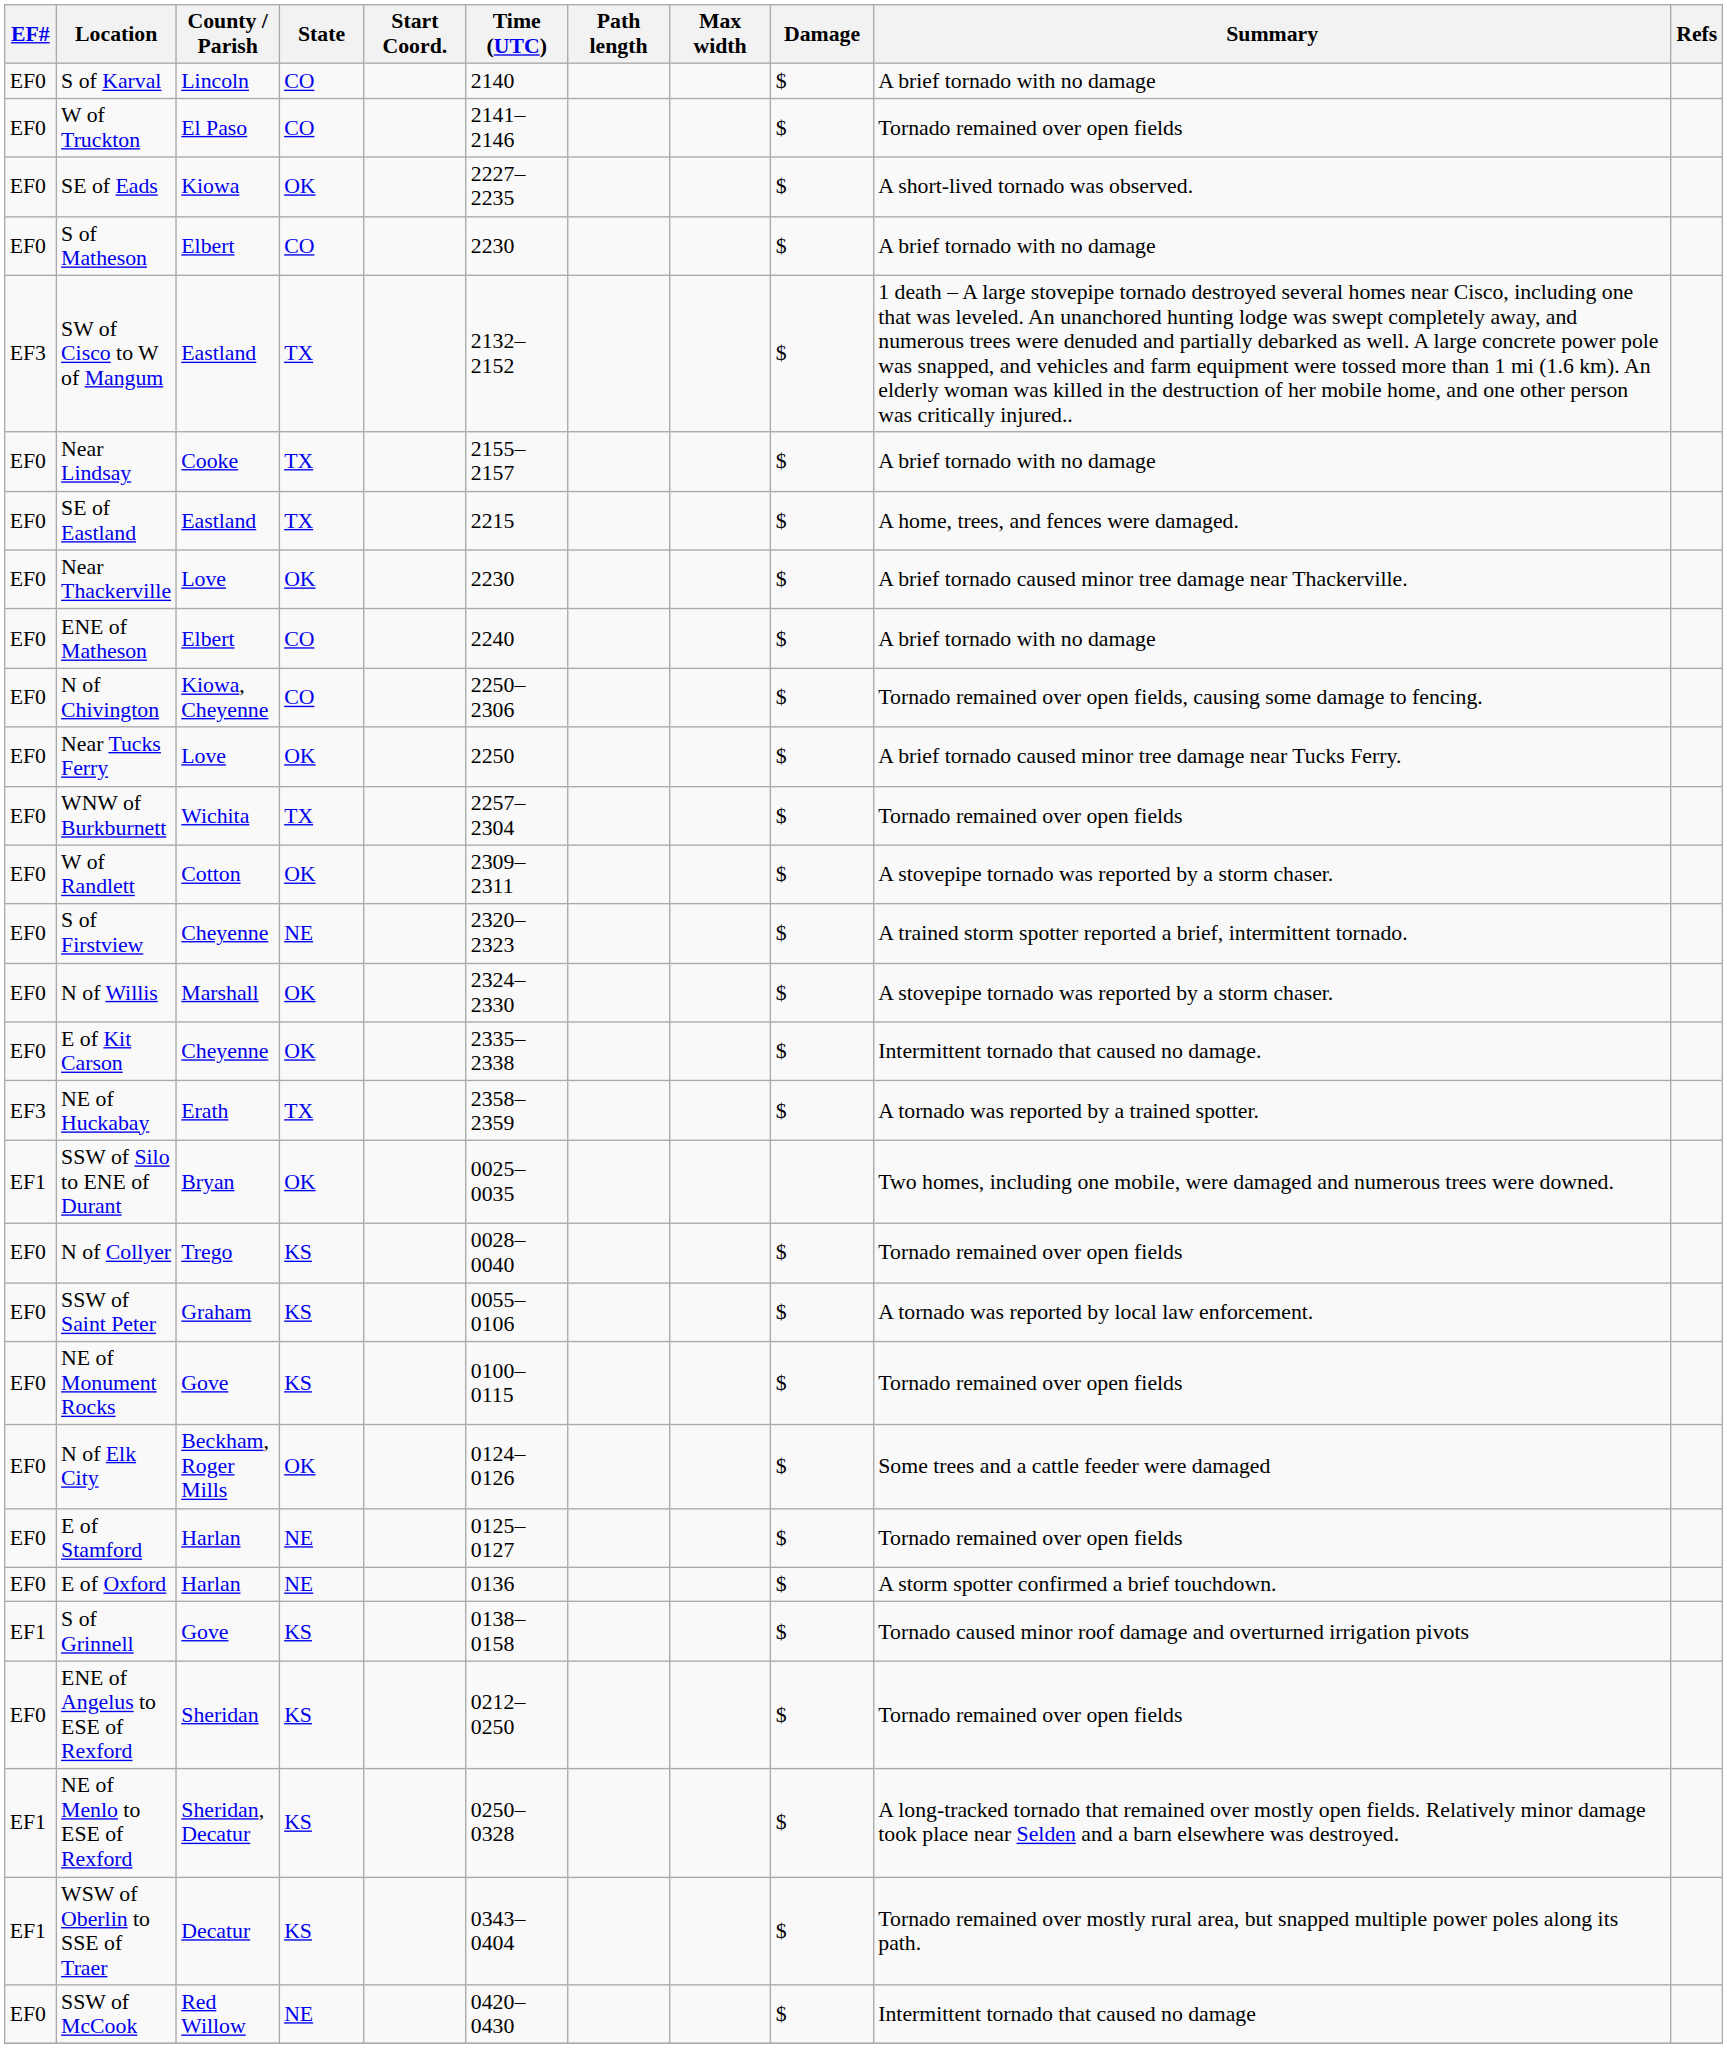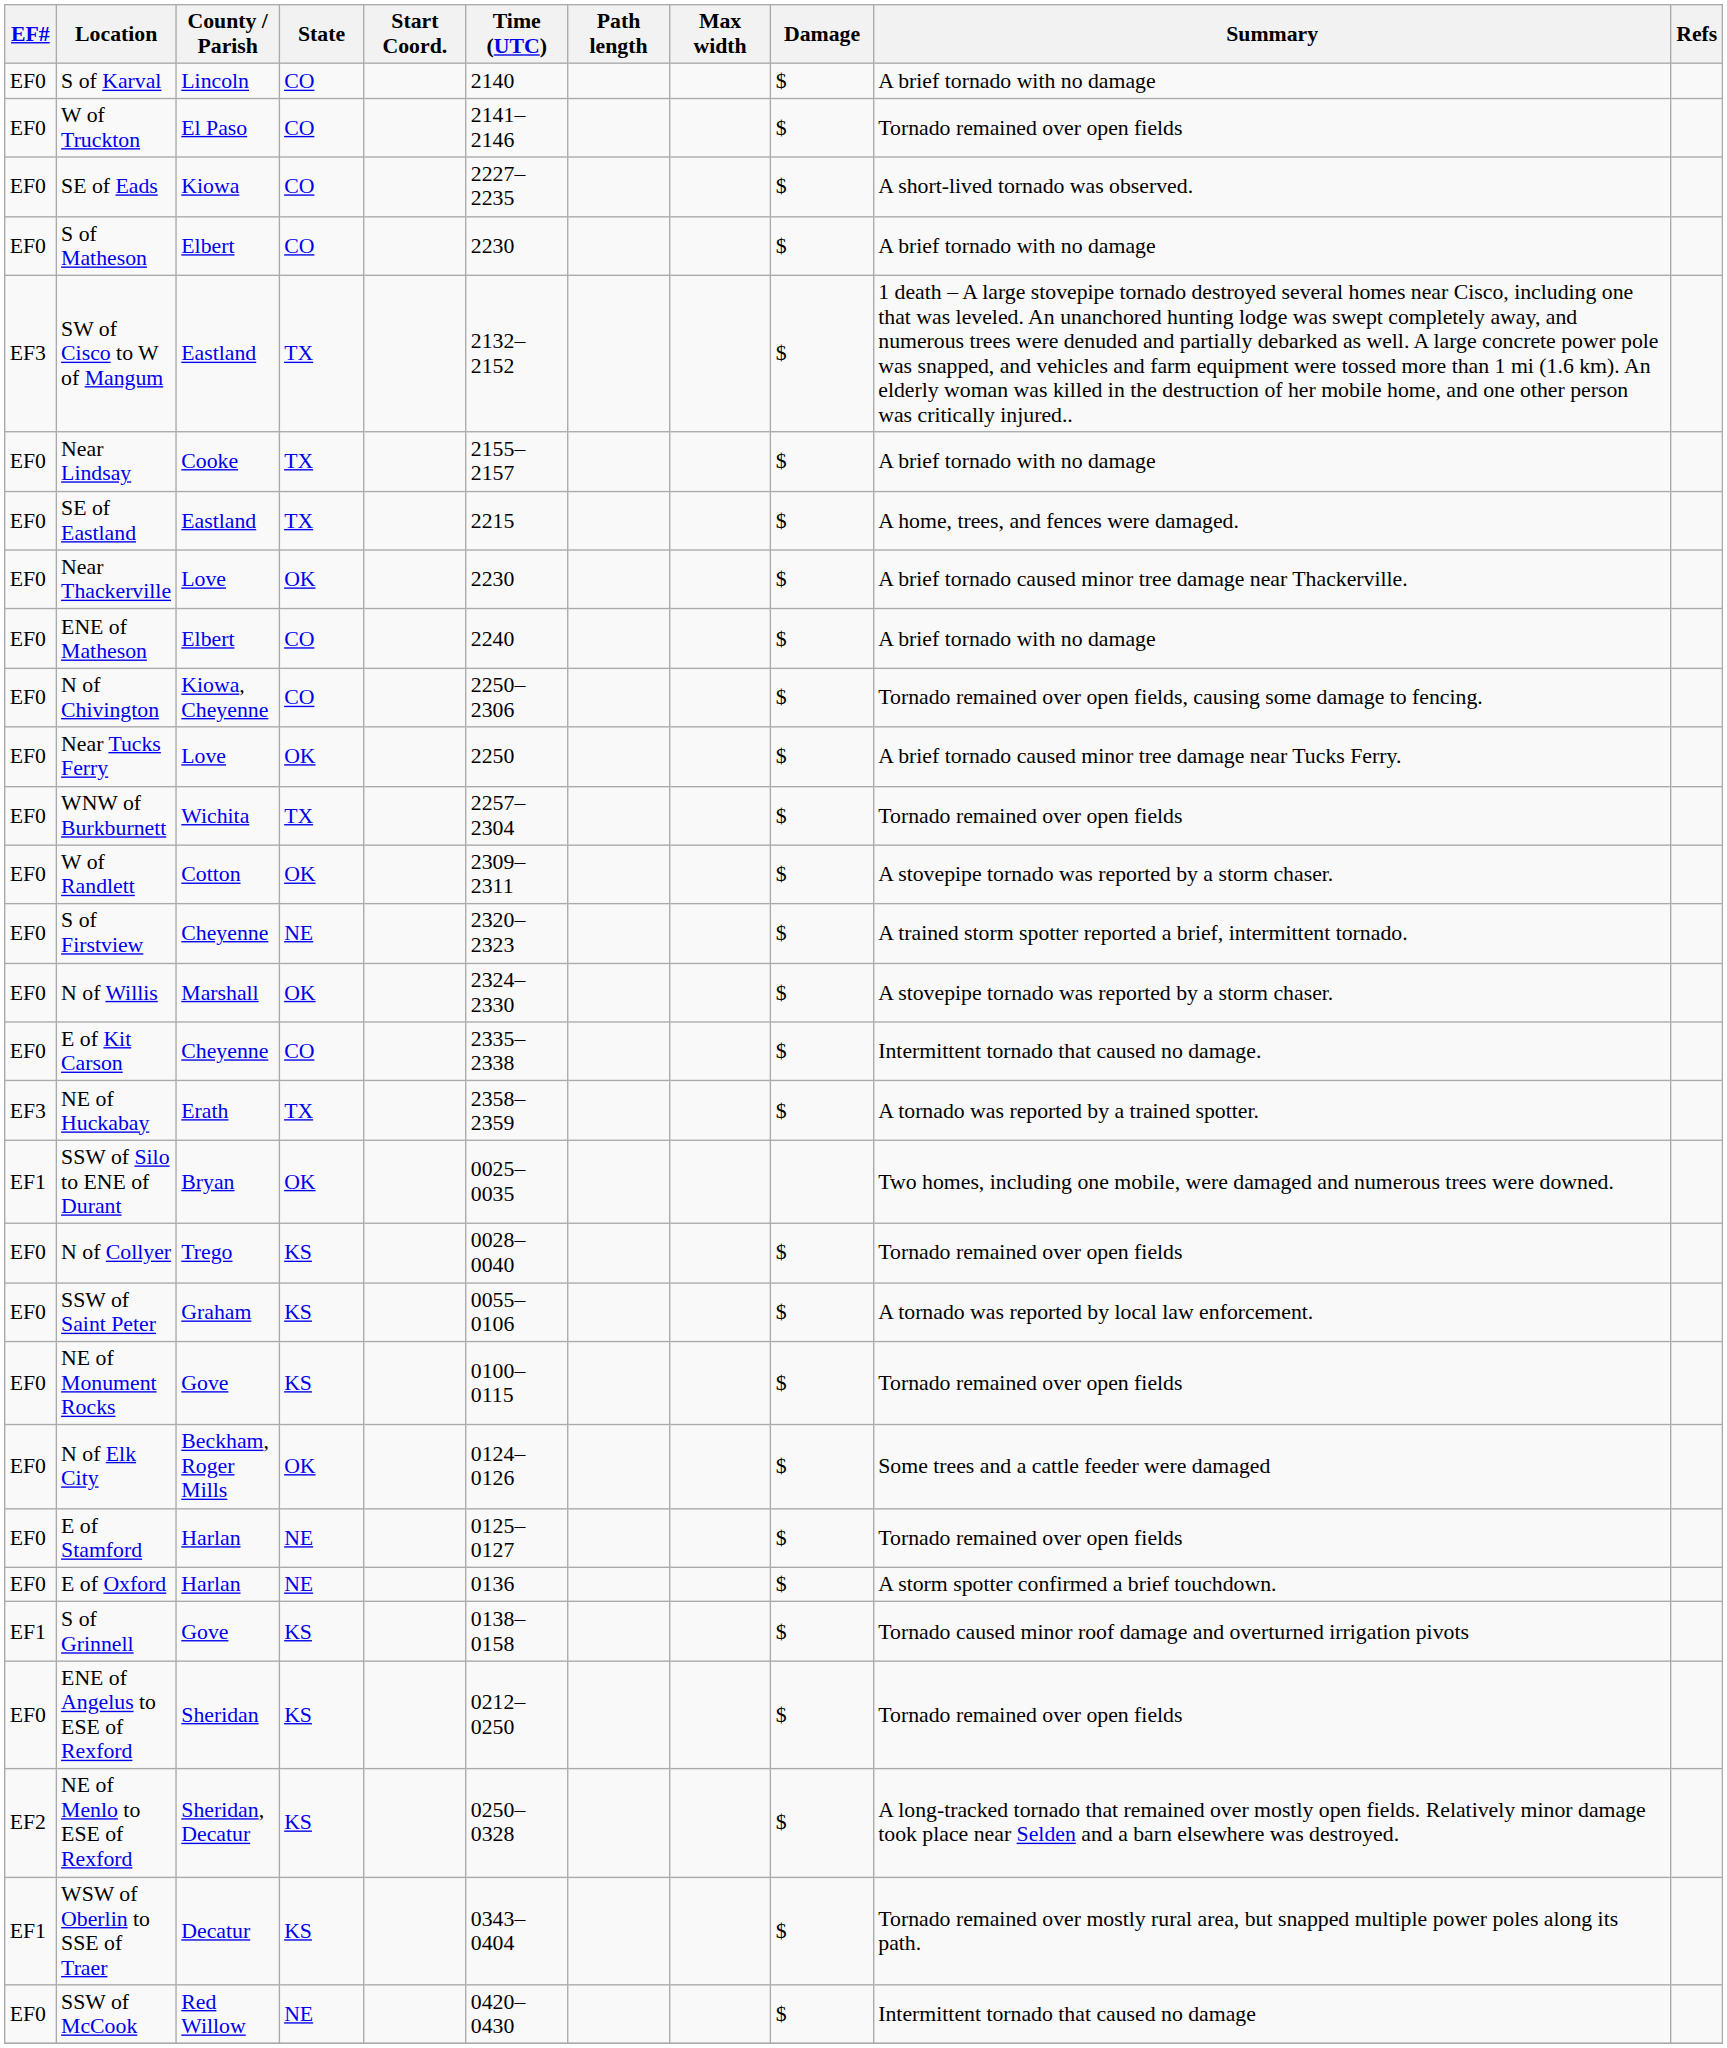 <table class="wikitable sortable" style="width:100%;">
 <tr>
 <th scope="col" width="3%" align="center"><a href='#'>EF#</a></th>
 <th scope="col" width="7%" align="center" class="unsortable">Location</th>
 <th scope="col" width="6%" align="center" class="unsortable">County / Parish</th>
 <th scope="col" width="5%" align="center">State</th>
 <th scope="col" width="6%" align="center">Start Coord.</th>
 <th scope="col" width="6%" align="center">Time (<a href='#'>UTC</a>)</th>
 <th scope="col" width="6%" align="center">Path length</th>
 <th scope="col" width="6%" align="center">Max width</th>
 <th scope="col" width="6%" align="center">Damage</th>
 <th scope="col" width="48%" class="unsortable" align="center">Summary</th>
 <th scope="col" width="48%" class="unsortable" align="center">Refs</th>
 </tr>
 <tr>
 <td>EF0</td>
 <td>S of <a href='#'>Karval</a></td>
 <td><a href='#'>Lincoln</a></td>
 <td><a href='#'>CO</a></td>
 <td></td>
 <td>2140</td>
 <td></td>
 <td></td>
 <td>$</td>
 <td>A brief tornado with no damage</td>
 <td></td>
 </tr>
 <tr>
 <td>EF0</td>
 <td>W of <a href='#'>Truckton</a></td>
 <td><a href='#'>El Paso</a></td>
 <td><a href='#'>CO</a></td>
 <td></td>
 <td>2141–2146</td>
 <td></td>
 <td></td>
 <td>$</td>
 <td>Tornado remained over open fields</td>
 <td></td>
 </tr>
 <tr>
 <td>EF0</td>
 <td>SE of <a href='#'>Eads</a></td>
 <td><a href='#'>Kiowa</a></td>
-<td><a href='#'>OK</a></td>
+<td><a href='#'>CO</a></td>
 <td></td>
 <td>2227–2235</td>
 <td></td>
 <td></td>
 <td>$</td>
 <td>A short-lived tornado was observed.</td>
 <td></td>
 </tr>
 <tr>
 <td>EF0</td>
 <td>S of <a href='#'>Matheson</a></td>
 <td><a href='#'>Elbert</a></td>
 <td><a href='#'>CO</a></td>
 <td></td>
 <td>2230</td>
 <td></td>
 <td></td>
 <td>$</td>
 <td>A brief tornado with no damage</td>
 <td></td>
 </tr>
 <tr>
 <td>EF3</td>
 <td>SW of <a href='#'>Cisco</a> to W of <a href='#'>Mangum</a></td>
 <td><a href='#'>Eastland</a></td>
 <td><a href='#'>TX</a></td>
 <td></td>
 <td>2132–2152</td>
 <td></td>
 <td></td>
 <td>$</td>
 <td>1 death – A large stovepipe tornado destroyed several homes near Cisco, including one that was leveled. An unanchored hunting lodge was swept completely away, and numerous trees were denuded and partially debarked as well. A large concrete power pole was snapped, and vehicles and farm equipment were tossed more than 1 mi (1.6 km). An elderly woman was killed in the destruction of her mobile home, and one other person was critically injured..</td>
 <td></td>
 </tr>
 <tr>
 <td>EF0</td>
 <td>Near <a href='#'>Lindsay</a></td>
 <td><a href='#'>Cooke</a></td>
 <td><a href='#'>TX</a></td>
 <td></td>
 <td>2155–2157</td>
 <td></td>
 <td></td>
 <td>$</td>
 <td>A brief tornado with no damage</td>
 <td></td>
 </tr>
 <tr>
 <td>EF0</td>
 <td>SE of <a href='#'>Eastland</a></td>
 <td><a href='#'>Eastland</a></td>
 <td><a href='#'>TX</a></td>
 <td></td>
 <td>2215</td>
 <td></td>
 <td></td>
 <td>$</td>
 <td>A home, trees, and fences were damaged.</td>
 <td></td>
 </tr>
 <tr>
 <td>EF0</td>
 <td>Near <a href='#'>Thackerville</a></td>
 <td><a href='#'>Love</a></td>
 <td><a href='#'>OK</a></td>
 <td></td>
 <td>2230</td>
 <td></td>
 <td></td>
 <td>$</td>
 <td>A brief tornado caused minor tree damage near Thackerville.</td>
 <td></td>
 </tr>
 <tr>
 <td>EF0</td>
 <td>ENE of <a href='#'>Matheson</a></td>
 <td><a href='#'>Elbert</a></td>
 <td><a href='#'>CO</a></td>
 <td></td>
 <td>2240</td>
 <td></td>
 <td></td>
 <td>$</td>
 <td>A brief tornado with no damage</td>
 <td></td>
 </tr>
 <tr>
 <td>EF0</td>
 <td>N of <a href='#'>Chivington</a></td>
 <td><a href='#'>Kiowa</a>, <a href='#'>Cheyenne</a></td>
 <td><a href='#'>CO</a></td>
 <td></td>
 <td>2250–2306</td>
 <td></td>
 <td></td>
 <td>$</td>
 <td>Tornado remained over open fields, causing some damage to fencing.</td>
 <td></td>
 </tr>
 <tr>
 <td>EF0</td>
 <td>Near <a href='#'>Tucks Ferry</a></td>
 <td><a href='#'>Love</a></td>
 <td><a href='#'>OK</a></td>
 <td></td>
 <td>2250</td>
 <td></td>
 <td></td>
 <td>$</td>
 <td>A brief tornado caused minor tree damage near Tucks Ferry.</td>
 <td></td>
 </tr>
 <tr>
 <td>EF0</td>
 <td>WNW of <a href='#'>Burkburnett</a></td>
 <td><a href='#'>Wichita</a></td>
 <td><a href='#'>TX</a></td>
 <td></td>
 <td>2257–2304</td>
 <td></td>
 <td></td>
 <td>$</td>
 <td>Tornado remained over open fields</td>
 <td></td>
 </tr>
 <tr>
 <td>EF0</td>
 <td>W of <a href='#'>Randlett</a></td>
 <td><a href='#'>Cotton</a></td>
 <td><a href='#'>OK</a></td>
 <td></td>
 <td>2309–2311</td>
 <td></td>
 <td></td>
 <td>$</td>
 <td>A stovepipe tornado was reported by a storm chaser.</td>
 <td></td>
 </tr>
 <tr>
 <td>EF0</td>
 <td>S of <a href='#'>Firstview</a></td>
 <td><a href='#'>Cheyenne</a></td>
 <td><a href='#'>NE</a></td>
 <td></td>
 <td>2320–2323</td>
 <td></td>
 <td></td>
 <td>$</td>
 <td>A trained storm spotter reported a brief, intermittent tornado.</td>
 <td></td>
 </tr>
 <tr>
 <td>EF0</td>
 <td>N of <a href='#'>Willis</a></td>
 <td><a href='#'>Marshall</a></td>
 <td><a href='#'>OK</a></td>
 <td></td>
 <td>2324–2330</td>
 <td></td>
 <td></td>
 <td>$</td>
 <td>A stovepipe tornado was reported by a storm chaser.</td>
 <td></td>
 </tr>
 <tr>
 <td>EF0</td>
 <td>E of <a href='#'>Kit Carson</a></td>
 <td><a href='#'>Cheyenne</a></td>
-<td><a href='#'>OK</a></td>
+<td><a href='#'>CO</a></td>
 <td></td>
 <td>2335–2338</td>
 <td></td>
 <td></td>
 <td>$</td>
 <td>Intermittent tornado that caused no damage.</td>
 <td></td>
 </tr>
 <tr>
 <td>EF3</td>
 <td>NE of <a href='#'>Huckabay</a></td>
 <td><a href='#'>Erath</a></td>
 <td><a href='#'>TX</a></td>
 <td></td>
 <td>2358–2359</td>
 <td></td>
 <td></td>
 <td>$</td>
 <td>A tornado was reported by a trained spotter.</td>
 <td></td>
 </tr>
 <tr>
 <td>EF1</td>
 <td>SSW of <a href='#'>Silo</a> to ENE of <a href='#'>Durant</a></td>
 <td><a href='#'>Bryan</a></td>
 <td><a href='#'>OK</a></td>
 <td></td>
 <td>0025–0035</td>
 <td></td>
 <td></td>
 <td></td>
 <td>Two homes, including one mobile, were damaged and numerous trees were downed.</td>
 <td></td>
 </tr>
 <tr>
 <td>EF0</td>
 <td>N of <a href='#'>Collyer</a></td>
 <td><a href='#'>Trego</a></td>
 <td><a href='#'>KS</a></td>
 <td></td>
 <td>0028–0040</td>
 <td></td>
 <td></td>
 <td>$</td>
 <td>Tornado remained over open fields</td>
 <td></td>
 </tr>
 <tr>
 <td>EF0</td>
 <td>SSW of <a href='#'>Saint Peter</a></td>
 <td><a href='#'>Graham</a></td>
 <td><a href='#'>KS</a></td>
 <td></td>
 <td>0055–0106</td>
 <td></td>
 <td></td>
 <td>$</td>
 <td>A tornado was reported by local law enforcement.</td>
 <td></td>
 </tr>
 <tr>
 <td>EF0</td>
 <td>NE of <a href='#'>Monument Rocks</a></td>
 <td><a href='#'>Gove</a></td>
 <td><a href='#'>KS</a></td>
 <td></td>
 <td>0100–0115</td>
 <td></td>
 <td></td>
 <td>$</td>
 <td>Tornado remained over open fields</td>
 <td></td>
 </tr>
 <tr>
 <td>EF0</td>
 <td>N of <a href='#'>Elk City</a></td>
 <td><a href='#'>Beckham</a>, <a href='#'>Roger Mills</a></td>
 <td><a href='#'>OK</a></td>
 <td></td>
 <td>0124–0126</td>
 <td></td>
 <td></td>
 <td>$</td>
 <td>Some trees and a cattle feeder were damaged</td>
 <td></td>
 </tr>
 <tr>
 <td>EF0</td>
 <td>E of <a href='#'>Stamford</a></td>
 <td><a href='#'>Harlan</a></td>
 <td><a href='#'>NE</a></td>
 <td></td>
 <td>0125–0127</td>
 <td></td>
 <td></td>
 <td>$</td>
 <td>Tornado remained over open fields</td>
 <td></td>
 </tr>
 <tr>
 <td>EF0</td>
 <td>E of <a href='#'>Oxford</a></td>
 <td><a href='#'>Harlan</a></td>
 <td><a href='#'>NE</a></td>
 <td></td>
 <td>0136</td>
 <td></td>
 <td></td>
 <td>$</td>
 <td>A storm spotter confirmed a brief touchdown.</td>
 <td></td>
 </tr>
 <tr>
 <td>EF1</td>
 <td>S of <a href='#'>Grinnell</a></td>
 <td><a href='#'>Gove</a></td>
 <td><a href='#'>KS</a></td>
 <td></td>
 <td>0138–0158</td>
 <td></td>
 <td></td>
 <td>$</td>
 <td>Tornado caused minor roof damage and overturned irrigation pivots</td>
 <td></td>
 </tr>
 <tr>
 <td>EF0</td>
 <td>ENE of <a href='#'>Angelus</a> to ESE of <a href='#'>Rexford</a></td>
 <td><a href='#'>Sheridan</a></td>
 <td><a href='#'>KS</a></td>
 <td></td>
 <td>0212–0250</td>
 <td></td>
 <td></td>
 <td>$</td>
 <td>Tornado remained over open fields</td>
 <td></td>
 </tr>
 <tr>
-<td>EF1</td>
+<td>EF2</td>
 <td>NE of <a href='#'>Menlo</a> to ESE of <a href='#'>Rexford</a></td>
 <td><a href='#'>Sheridan</a>, <a href='#'>Decatur</a></td>
 <td><a href='#'>KS</a></td>
 <td></td>
 <td>0250–0328</td>
 <td></td>
 <td></td>
 <td>$</td>
 <td>A long-tracked tornado that remained over mostly open fields. Relatively minor damage took place near <a href='#'>Selden</a> and a barn elsewhere was destroyed.</td>
 <td></td>
 </tr>
 <tr>
 <td>EF1</td>
 <td>WSW of <a href='#'>Oberlin</a> to SSE of <a href='#'>Traer</a></td>
 <td><a href='#'>Decatur</a></td>
 <td><a href='#'>KS</a></td>
 <td></td>
 <td>0343–0404</td>
 <td></td>
 <td></td>
 <td>$</td>
 <td>Tornado remained over mostly rural area, but snapped multiple power poles along its path.</td>
 <td></td>
 </tr>
 <tr>
 <td>EF0</td>
 <td>SSW of <a href='#'>McCook</a></td>
 <td><a href='#'>Red Willow</a></td>
 <td><a href='#'>NE</a></td>
 <td></td>
 <td>0420–0430</td>
 <td></td>
 <td></td>
 <td>$</td>
 <td>Intermittent tornado that caused no damage</td>
 <td></td>
 </tr>
 <tr>
 </tr>
 </table>
